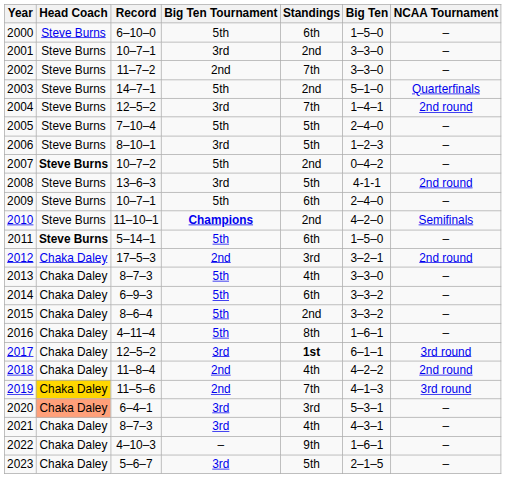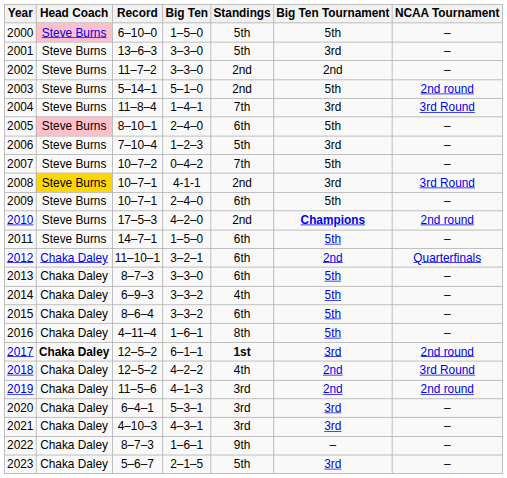 <table class="wikitable" style="text-align: center;">
 <tr>
 <th width=px>Year</th>
 <th width=px>Head Coach</th>
 <th width=px>Record</th>
+<th width=px>Big Ten</th>
+<th width=px>Standings</th>
 <th width=px>Big Ten Tournament</th>
-<th width=px>Standings</th>
-<th width=px>Big Ten</th>
 <th width=px>NCAA Tournament</th>
 </tr>
 <tr>
 <td>2000</td>
-<td><a href='#'>Steve Burns</a></td>
+<td style="background: pink;"><a href='#'>Steve Burns</a></td>
 <td>6–10–0</td>
+<td>1–5–0</td>
 <td>5th</td>
-<td>6th</td>
-<td>1–5–0</td>
+<td>5th</td>
 <td>–</td>
 </tr>
 <tr>
 <td>2001</td>
 <td>Steve Burns</td>
-<td>10–7–1</td>
+<td>13–6–3</td>
+<td>3–3–0</td>
+<td>5th</td>
 <td>3rd</td>
-<td>2nd</td>
-<td>3–3–0</td>
 <td>–</td>
 </tr>
 <tr>
 <td>2002</td>
 <td>Steve Burns</td>
 <td>11–7–2</td>
+<td>3–3–0</td>
 <td>2nd</td>
-<td>7th</td>
-<td>3–3–0</td>
+<td>2nd</td>
 <td>–</td>
 </tr>
 <tr>
 <td>2003</td>
 <td>Steve Burns</td>
-<td>14–7–1</td>
+<td>5–14–1</td>
+<td>5–1–0</td>
+<td>2nd</td>
 <td>5th</td>
-<td>2nd</td>
-<td>5–1–0</td>
-<td><a href='#'>Quarterfinals</a></td>
+<td><a href='#'>2nd round</a></td>
 </tr>
 <tr>
 <td>2004</td>
 <td>Steve Burns</td>
-<td>12–5–2</td>
+<td>11–8–4</td>
+<td>1–4–1</td>
+<td>7th</td>
 <td>3rd</td>
-<td>7th</td>
-<td>1–4–1</td>
-<td><a href='#'>2nd round</a></td>
+<td><a href='#'>3rd Round</a></td>
 </tr>
 <tr>
 <td>2005</td>
-<td>Steve Burns</td>
-<td>7–10–4</td>
+<td style="background: pink;">Steve Burns</td>
+<td>8–10–1</td>
+<td>2–4–0</td>
+<td>6th</td>
 <td>5th</td>
-<td>5th</td>
-<td>2–4–0</td>
 <td>–</td>
 </tr>
 <tr>
 <td>2006</td>
 <td>Steve Burns</td>
-<td>8–10–1</td>
+<td>7–10–4</td>
+<td>1–2–3</td>
+<td>5th</td>
 <td>3rd</td>
-<td>5th</td>
-<td>1–2–3</td>
 <td>–</td>
 </tr>
 <tr>
 <td>2007</td>
-<td><strong>Steve Burns</strong></td>
+<td>Steve Burns</td>
 <td>10–7–2</td>
+<td>0–4–2</td>
+<td>7th</td>
 <td>5th</td>
-<td>2nd</td>
-<td>0–4–2</td>
 <td>–</td>
 </tr>
 <tr>
 <td>2008</td>
-<td>Steve Burns</td>
-<td>13–6–3</td>
+<td style="background: gold;">Steve Burns</td>
+<td>10–7–1</td>
+<td>4-1-1</td>
+<td>2nd</td>
 <td>3rd</td>
-<td>5th</td>
-<td>4-1-1</td>
-<td><a href='#'>2nd round</a></td>
+<td><a href='#'>3rd Round</a></td>
 </tr>
 <tr>
 <td>2009</td>
 <td>Steve Burns</td>
 <td>10–7–1</td>
+<td>2–4–0</td>
+<td>6th</td>
 <td>5th</td>
-<td>6th</td>
-<td>2–4–0</td>
 <td>–</td>
 </tr>
 <tr>
 <td><a href='#'>2010</a></td>
 <td>Steve Burns</td>
-<td>11–10–1</td>
+<td>17–5–3</td>
+<td>4–2–0</td>
+<td>2nd</td>
 <td><strong><a href='#'>Champions</a></strong></td>
-<td>2nd</td>
-<td>4–2–0</td>
-<td><a href='#'>Semifinals</a></td>
+<td><a href='#'>2nd round</a></td>
 </tr>
 <tr>
 <td>2011</td>
-<td><strong>Steve Burns</strong></td>
-<td>5–14–1</td>
+<td>Steve Burns</td>
+<td>14–7–1</td>
+<td>1–5–0</td>
+<td>6th</td>
 <td><a href='#'>5th</a></td>
-<td>6th</td>
-<td>1–5–0</td>
 <td>–</td>
 </tr>
 <tr>
 <td><a href='#'>2012</a></td>
 <td><a href='#'>Chaka Daley</a></td>
-<td>17–5–3</td>
+<td>11–10–1</td>
+<td>3–2–1</td>
+<td>6th</td>
 <td><a href='#'>2nd</a></td>
-<td>3rd</td>
-<td>3–2–1</td>
-<td><a href='#'>2nd round</a></td>
+<td><a href='#'>Quarterfinals</a></td>
 </tr>
 <tr>
 <td>2013</td>
 <td>Chaka Daley</td>
 <td>8–7–3</td>
+<td>3–3–0</td>
+<td>6th</td>
 <td><a href='#'>5th</a></td>
-<td>4th</td>
-<td>3–3–0</td>
 <td>–</td>
 </tr>
 <tr>
 <td>2014</td>
 <td>Chaka Daley</td>
 <td>6–9–3</td>
+<td>3–3–2</td>
+<td>4th</td>
 <td><a href='#'>5th</a></td>
-<td>6th</td>
-<td>3–3–2</td>
 <td>–</td>
 </tr>
 <tr>
 <td>2015</td>
 <td>Chaka Daley</td>
 <td>8–6–4</td>
+<td>3–3–2</td>
+<td>6th</td>
 <td><a href='#'>5th</a></td>
-<td>2nd</td>
-<td>3–3–2</td>
 <td>–</td>
 </tr>
 <tr>
 <td>2016</td>
 <td>Chaka Daley</td>
 <td>4–11–4</td>
+<td>1–6–1</td>
+<td>8th</td>
 <td><a href='#'>5th</a></td>
-<td>8th</td>
-<td>1–6–1</td>
 <td>–</td>
 </tr>
 <tr>
 <td><a href='#'>2017</a></td>
-<td>Chaka Daley</td>
+<td><strong>Chaka Daley</strong></td>
 <td>12–5–2</td>
+<td>6–1–1</td>
+<td><strong>1st</strong></td>
 <td><a href='#'>3rd</a></td>
-<td><strong>1st</strong></td>
-<td>6–1–1</td>
-<td><a href='#'>3rd round</a></td>
+<td><a href='#'>2nd round</a></td>
 </tr>
 <tr>
 <td><a href='#'>2018</a></td>
 <td>Chaka Daley</td>
-<td>11–8–4</td>
+<td>12–5–2</td>
+<td>4–2–2</td>
+<td>4th</td>
 <td><a href='#'>2nd</a></td>
-<td>4th</td>
-<td>4–2–2</td>
+<td><a href='#'>3rd Round</a></td>
+</tr>
+<tr>
+<td><a href='#'>2019</a></td>
+<td>Chaka Daley</td>
+<td>11–5–6</td>
+<td>4–1–3</td>
+<td>3rd</td>
+<td><a href='#'>2nd</a></td>
 <td><a href='#'>2nd round</a></td>
 </tr>
 <tr>
-<td><a href='#'>2019</a></td>
-<td style="background: gold;">Chaka Daley</td>
-<td>11–5–6</td>
-<td><a href='#'>2nd</a></td>
-<td>7th</td>
-<td>4–1–3</td>
-<td><a href='#'>3rd round</a></td>
-</tr>
-<tr>
 <td>2020</td>
-<td style="background: lightsalmon;">Chaka Daley</td>
+<td>Chaka Daley</td>
 <td>6–4–1</td>
+<td>5–3–1</td>
+<td>3rd</td>
 <td><a href='#'>3rd</a></td>
-<td>3rd</td>
-<td>5–3–1</td>
 <td>–</td>
 </tr>
 <tr>
 <td>2021</td>
 <td>Chaka Daley</td>
-<td>8–7–3</td>
+<td>4–10–3</td>
+<td>4–3–1</td>
+<td>3rd</td>
 <td><a href='#'>3rd</a></td>
-<td>4th</td>
-<td>4–3–1</td>
 <td>–</td>
 </tr>
 <tr>
 <td>2022</td>
 <td>Chaka Daley</td>
-<td>4–10–3</td>
+<td>8–7–3</td>
+<td>1–6–1</td>
+<td>9th</td>
 <td>–</td>
-<td>9th</td>
-<td>1–6–1</td>
 <td>–</td>
 </tr>
 <tr>
 <td>2023</td>
 <td>Chaka Daley</td>
 <td>5–6–7</td>
+<td>2–1–5</td>
+<td>5th</td>
 <td><a href='#'>3rd</a></td>
-<td>5th</td>
-<td>2–1–5</td>
 <td>–</td>
 </tr>
 </table>
